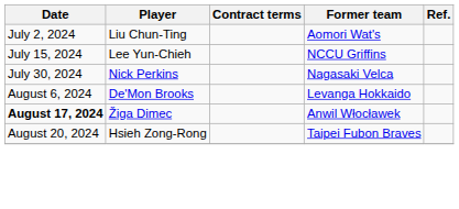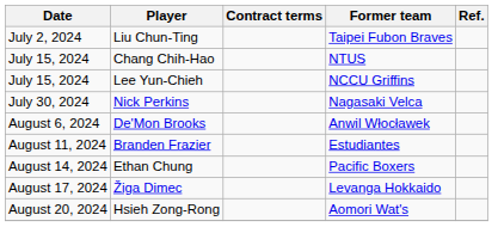 <table class="wikitable">
 <tr>
 <th>Date</th>
 <th>Player</th>
 <th>Contract terms</th>
 <th>Former team</th>
 <th>Ref.</th>
 </tr>
 <tr>
 <td>July 2, 2024</td>
 <td>Liu Chun-Ting</td>
 <td></td>
-<td><a href='#'>Aomori Wat's</a></td>
+<td><a href='#'>Taipei Fubon Braves</a></td>
+<td></td>
+</tr>
+<tr>
+<td>July 15, 2024</td>
+<td>Chang Chih-Hao</td>
+<td></td>
+<td><a href='#'>NTUS</a></td>
 <td></td>
 </tr>
 <tr>
 <td>July 15, 2024</td>
 <td>Lee Yun-Chieh</td>
 <td></td>
 <td><a href='#'>NCCU Griffins</a></td>
 <td></td>
 </tr>
 <tr>
 <td>July 30, 2024</td>
 <td><a href='#'>Nick Perkins</a></td>
 <td></td>
 <td><a href='#'>Nagasaki Velca</a></td>
 <td></td>
 </tr>
 <tr>
 <td>August 6, 2024</td>
 <td><a href='#'>De'Mon Brooks</a></td>
 <td></td>
-<td><a href='#'>Levanga Hokkaido</a></td>
+<td><a href='#'>Anwil Włocławek</a></td>
 <td></td>
 </tr>
 <tr>
-<td><strong>August 17, 2024</strong></td>
+<td>August 11, 2024</td>
+<td><a href='#'>Branden Frazier</a></td>
+<td></td>
+<td><a href='#'>Estudiantes</a></td>
+<td></td>
+</tr>
+<tr>
+<td>August 14, 2024</td>
+<td>Ethan Chung</td>
+<td></td>
+<td><a href='#'>Pacific Boxers</a></td>
+<td></td>
+</tr>
+<tr>
+<td>August 17, 2024</td>
 <td><a href='#'>Žiga Dimec</a></td>
 <td></td>
-<td><a href='#'>Anwil Włocławek</a></td>
+<td><a href='#'>Levanga Hokkaido</a></td>
 <td></td>
 </tr>
 <tr>
 <td>August 20, 2024</td>
 <td>Hsieh Zong-Rong</td>
 <td></td>
-<td><a href='#'>Taipei Fubon Braves</a></td>
+<td><a href='#'>Aomori Wat's</a></td>
 <td></td>
 </tr>
 <tr>
 </tr>
 </table>
